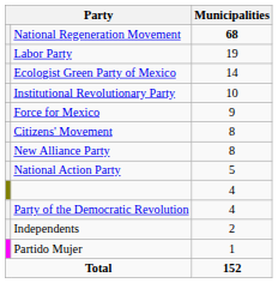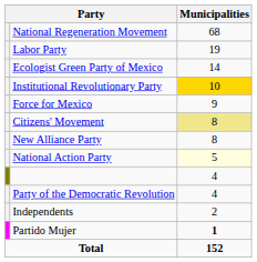 <table class="wikitable" style="text-align:center;">
 <tr>
 <th colspan="2">Party</th>
 <th>Municipalities</th>
 </tr>
 <tr>
 <th style="background-color:"></th>
 <td style="text-align:left;"><a href='#'>National Regeneration Movement</a></td>
-<td><strong>68</strong></td>
+<td>68</td>
 </tr>
 <tr>
 <th style="background-color:"></th>
 <td style="text-align:left;"><a href='#'>Labor Party</a></td>
 <td>19</td>
 </tr>
 <tr>
 <th style="background-color:"></th>
 <td style="text-align:left;"><a href='#'>Ecologist Green Party of Mexico</a></td>
 <td>14</td>
 </tr>
 <tr>
 <th style="background-color:"></th>
 <td style="text-align:left;"><a href='#'>Institutional Revolutionary Party</a></td>
-<td>10</td>
+<td style="background: gold;">10</td>
 </tr>
 <tr>
 <th style="background-color:"></th>
 <td style="text-align:left;"><a href='#'>Force for Mexico</a></td>
 <td>9</td>
 </tr>
 <tr>
 <th style="background-color:"></th>
 <td style="text-align:left;"><a href='#'>Citizens' Movement</a></td>
-<td>8</td>
+<td style="background: khaki;">8</td>
 </tr>
 <tr>
 <th style="background-color:"></th>
 <td style="text-align:left;"><a href='#'>New Alliance Party</a></td>
 <td>8</td>
 </tr>
 <tr>
 <th style="background-color:"></th>
 <td style="text-align:left;"><a href='#'>National Action Party</a></td>
-<td>5</td>
+<td style="background: lightyellow;">5</td>
 </tr>
 <tr>
 <th style="background-color:#808000;"></th>
 <td style="text-align:left;"></td>
 <td>4</td>
 </tr>
 <tr>
 <th style="background-color:"></th>
 <td style="text-align:left;"><a href='#'>Party of the Democratic Revolution</a></td>
 <td>4</td>
 </tr>
 <tr>
 <th style="background-color:"></th>
 <td style="text-align:left;">Independents</td>
 <td>2</td>
 </tr>
 <tr>
 <th style="background-color:#ff00ff;"></th>
 <td style="text-align:left;">Partido Mujer</td>
-<td>1</td>
+<td><strong>1</strong></td>
 </tr>
 <tr>
 <td colspan="2"><strong>Total</strong></td>
 <td><strong>152</strong></td>
 </tr>
 </table>
